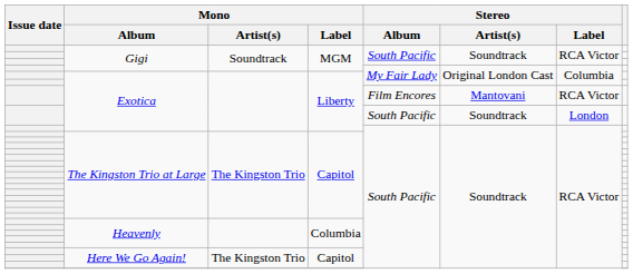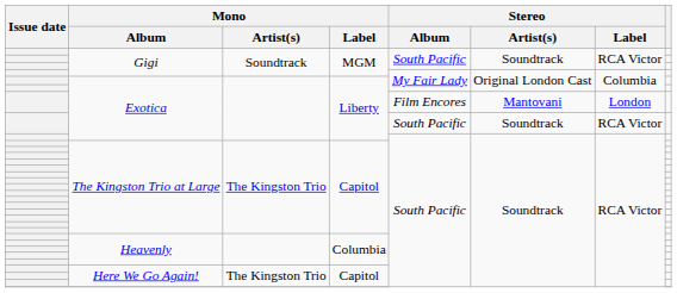 <table class="wikitable sortable plainrowheaders" style="text-align: center">
 <tr>
 <th scope=col rowspan=2>Issue date</th>
 <th scope=col colspan=3>Mono</th>
 <th scope=col colspan=3>Stereo</th>
 <th scope=col rowspan=2 class="unsortable"></th>
 </tr>
 <tr>
 <th scope=col>Album</th>
 <th scope=col>Artist(s)</th>
 <th scope=col>Label</th>
 <th scope=col>Album</th>
 <th scope=col>Artist(s)</th>
 <th scope=col>Label</th>
 </tr>
 <tr>
 <th scope="row"></th>
 <td rowspan=4><em>Gigi</em></td>
 <td rowspan=4>Soundtrack</td>
 <td rowspan=4>MGM</td>
 <td rowspan=3><em><a href='#'>South Pacific</a></em></td>
 <td rowspan=3>Soundtrack</td>
 <td rowspan=3>RCA Victor</td>
 <td style="text-align: center;"></td>
 </tr>
 <tr>
 <th scope="row"></th>
 <td style="text-align: center;"></td>
 </tr>
 <tr>
 <th scope="row"></th>
 <td style="text-align: center;"></td>
 </tr>
 <tr>
 <th scope="row"></th>
 <td rowspan=3><em><a href='#'>My Fair Lady</a></em></td>
 <td rowspan=3>Original London Cast</td>
 <td rowspan=3>Columbia</td>
 <td style="text-align: center;"></td>
 </tr>
 <tr>
 <th scope="row"></th>
 <td rowspan=5><em><a href='#'>Exotica</a></em></td>
 <td rowspan=5></td>
 <td rowspan=5><a href='#'>Liberty</a></td>
 <td style="text-align: center;"></td>
 </tr>
 <tr>
 <th scope="row"></th>
 <td style="text-align: center;"></td>
 </tr>
 <tr>
 <th scope="row"></th>
 <td><em>Film Encores</em></td>
 <td><a href='#'>Mantovani</a></td>
-<td>RCA Victor</td>
+<td><a href='#'>London</a></td>
 <td style="text-align: center;"></td>
 </tr>
 <tr>
 <th scope="row"></th>
 <td><em>South Pacific</em></td>
 <td>Soundtrack</td>
-<td><a href='#'>London</a></td>
+<td>RCA Victor</td>
 <td style="text-align: center;"></td>
 </tr>
 <tr>
 <th scope="row"></th>
 <td rowspan=29><em>South Pacific</em></td>
 <td rowspan=29>Soundtrack</td>
 <td rowspan=29>RCA Victor</td>
 <td style="text-align: center;"></td>
 </tr>
 <tr>
 <th scope="row"></th>
 <td rowspan=15><em><a href='#'>The Kingston Trio at Large</a></em></td>
 <td rowspan=15 data-sort-value="Kingston Trio, The"><a href='#'>The Kingston Trio</a></td>
 <td rowspan=15><a href='#'>Capitol</a></td>
 <td style="text-align: center;"></td>
 </tr>
 <tr>
 <th scope="row"></th>
 <td style="text-align: center;"></td>
 </tr>
 <tr>
 <th scope="row"></th>
 <td style="text-align: center;"></td>
 </tr>
 <tr>
 <th scope="row"></th>
 <td style="text-align: center;"></td>
 </tr>
 <tr>
 <th scope="row"></th>
 <td style="text-align: center;"></td>
 </tr>
 <tr>
 <th scope="row"></th>
 <td style="text-align: center;"></td>
 </tr>
 <tr>
 <th scope="row"></th>
 <td style="text-align: center;"></td>
 </tr>
 <tr>
 <th scope="row"></th>
 <td style="text-align: center;"></td>
 </tr>
 <tr>
 <th scope="row"></th>
 <td style="text-align: center;"></td>
 </tr>
 <tr>
 <th scope="row"></th>
 <td style="text-align: center;"></td>
 </tr>
 <tr>
 <th scope="row"></th>
 <td style="text-align: center;"></td>
 </tr>
 <tr>
 <th scope="row"></th>
 <td style="text-align: center;"></td>
 </tr>
 <tr>
 <th scope="row"></th>
 <td style="text-align: center;"></td>
 </tr>
 <tr>
 <th scope="row"></th>
 <td style="text-align: center;"></td>
 </tr>
 <tr>
 <th scope="row"></th>
 <td style="text-align: center;"></td>
 </tr>
 <tr>
 <th scope="row"></th>
 <td rowspan=5><em><a href='#'>Heavenly</a></em></td>
 <td rowspan=5></td>
 <td rowspan=5>Columbia</td>
 <td style="text-align: center;"></td>
 </tr>
 <tr>
 <th scope="row"></th>
 <td style="text-align: center;"></td>
 </tr>
 <tr>
 <th scope="row"></th>
 <td style="text-align: center;"></td>
 </tr>
 <tr>
 <th scope="row"></th>
 <td style="text-align: center;"></td>
 </tr>
 <tr>
 <th scope="row"></th>
 <td style="text-align: center;"></td>
 </tr>
 <tr>
 <th scope="row"></th>
 <td rowspan=3><em><a href='#'>Here We Go Again!</a></em></td>
 <td rowspan=3 data-sort-value="Kingston Trio, The">The Kingston Trio</td>
 <td rowspan=3>Capitol</td>
 <td style="text-align: center;"></td>
 </tr>
 <tr>
 <th scope="row"></th>
 <td style="text-align: center;"></td>
 </tr>
 <tr>
 <th scope="row"></th>
 <td style="text-align: center;"></td>
 </tr>
 <tr>
 </tr>
 </table>
